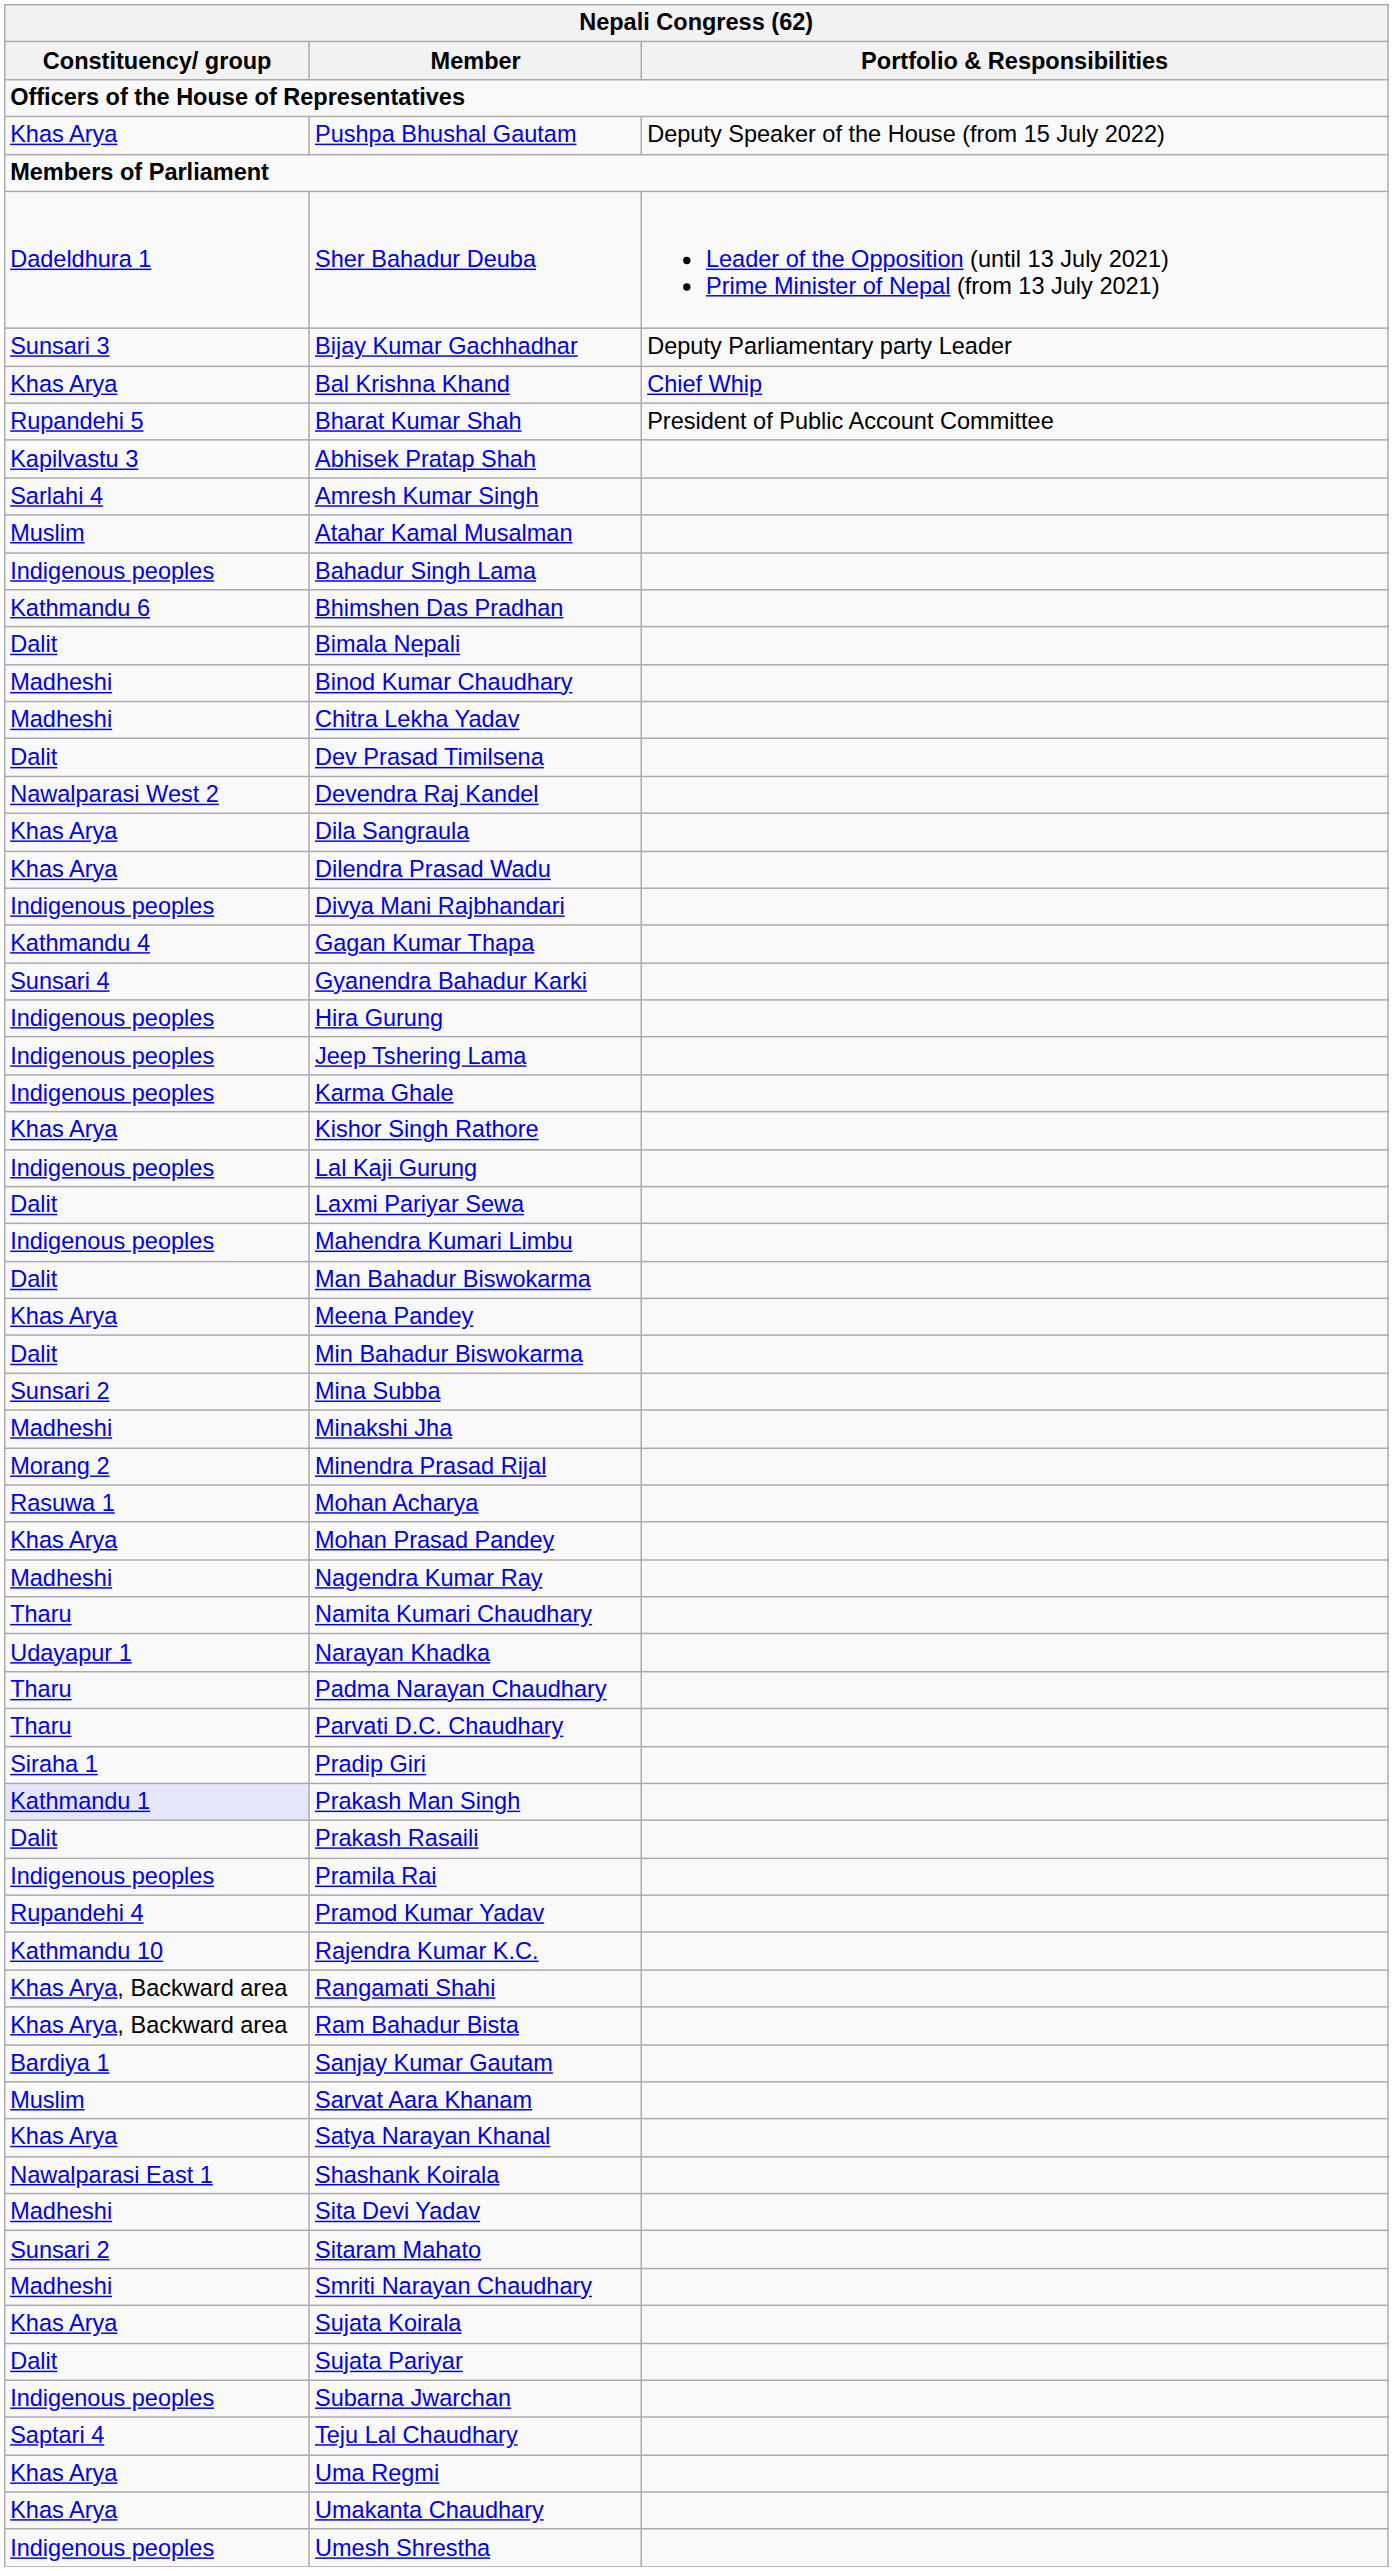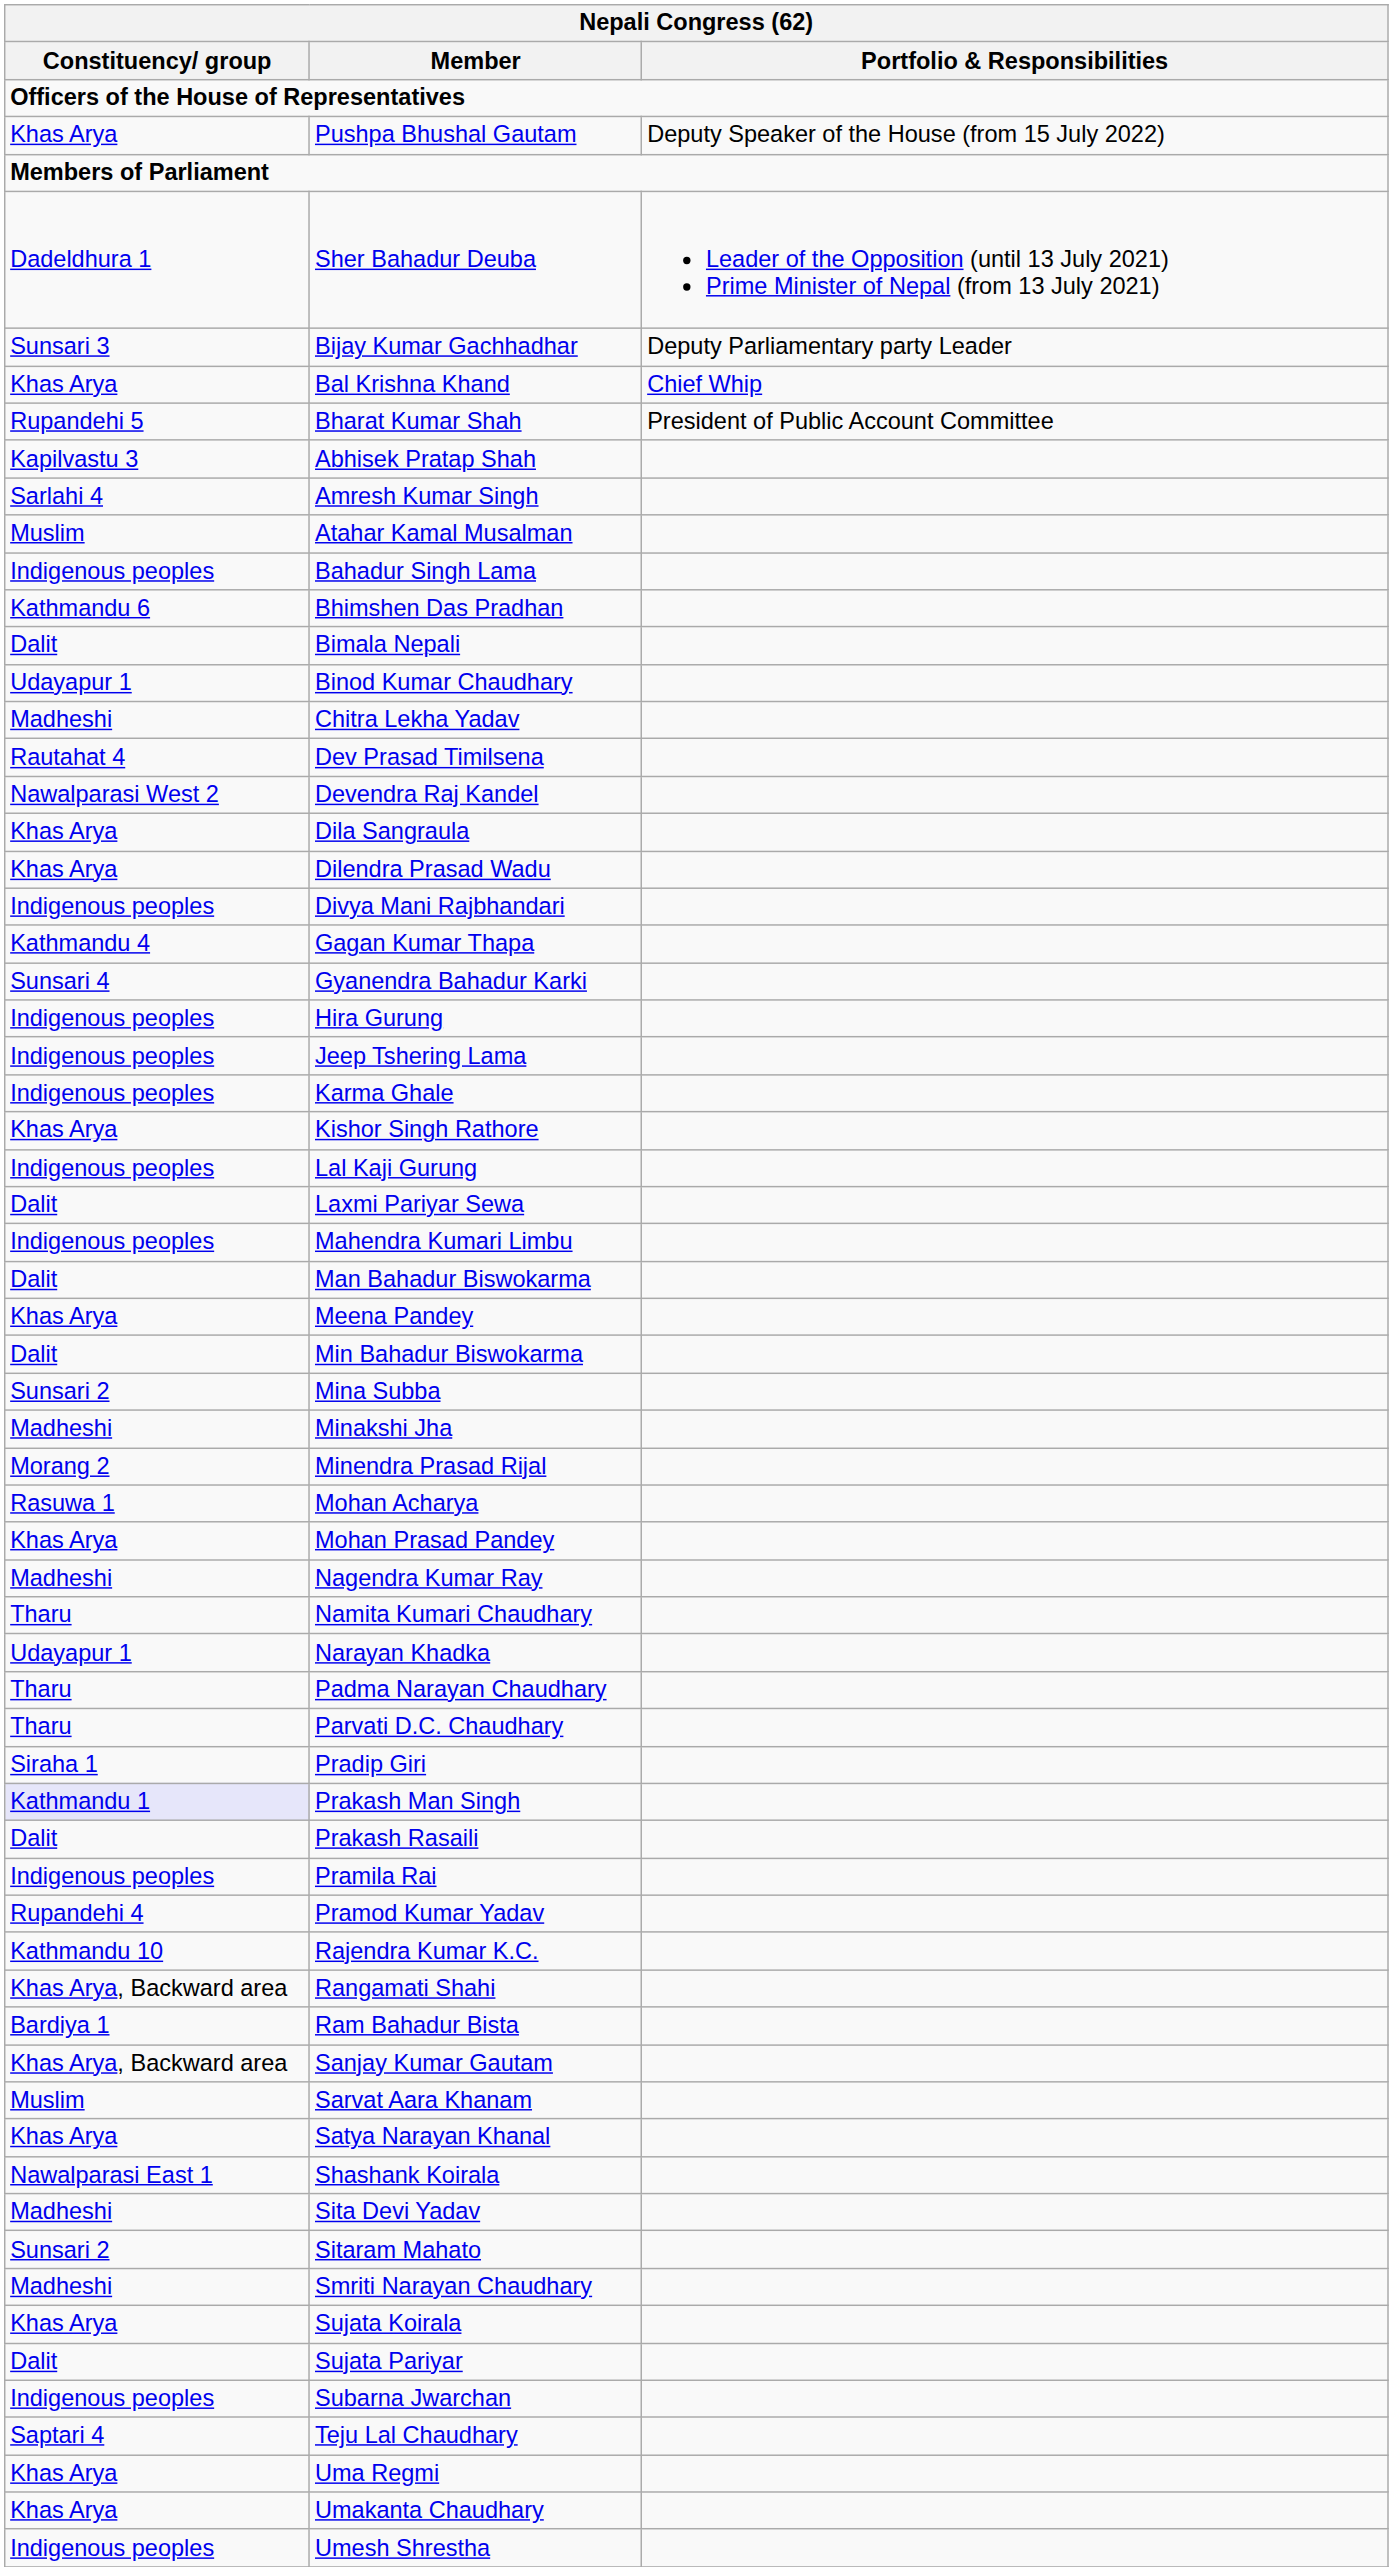 <table class="wikitable sortable mw-collapsible mw-collapsed">
 <tr>
 <th colspan="3" style="width: 700pt; background:">Nepali Congress (62)</th>
 </tr>
 <tr>
 <th style="width:150pt;">Constituency/ group</th>
 <th>Member</th>
 <th style="width:375pt;">Portfolio & Responsibilities</th>
 </tr>
 <tr>
 <td colspan="3"><strong>Officers of the House of Representatives</strong></td>
 </tr>
 <tr>
 <td><a href='#'>Khas Arya</a></td>
 <td><a href='#'>Pushpa Bhushal Gautam</a></td>
 <td>Deputy Speaker of the House (from 15 July 2022)</td>
 </tr>
 <tr>
 <td colspan="3"><strong>Members of Parliament</strong></td>
 </tr>
 <tr>
 <td><a href='#'>Dadeldhura 1</a></td>
 <td><a href='#'>Sher Bahadur Deuba</a></td>
 <td><br><ul><li><a href='#'>Leader of the Opposition</a> (until 13 July 2021)</li><li><a href='#'>Prime Minister of Nepal</a> (from 13 July 2021)</li></ul></td>
 </tr>
 <tr>
 <td><a href='#'>Sunsari 3</a></td>
 <td><a href='#'>Bijay Kumar Gachhadhar</a></td>
 <td>Deputy Parliamentary party Leader</td>
 </tr>
 <tr>
 <td><a href='#'>Khas Arya</a></td>
 <td><a href='#'>Bal Krishna Khand</a></td>
 <td><a href='#'>Chief Whip</a></td>
 </tr>
 <tr>
 <td><a href='#'>Rupandehi 5</a></td>
 <td><a href='#'>Bharat Kumar Shah</a></td>
 <td>President of Public Account Committee</td>
 </tr>
 <tr>
 <td><a href='#'>Kapilvastu 3</a></td>
 <td><a href='#'>Abhisek Pratap Shah</a></td>
 <td></td>
 </tr>
 <tr>
 <td><a href='#'>Sarlahi 4</a></td>
 <td><a href='#'>Amresh Kumar Singh</a></td>
 <td></td>
 </tr>
 <tr>
 <td><a href='#'>Muslim</a></td>
 <td><a href='#'>Atahar Kamal Musalman</a></td>
 <td></td>
 </tr>
 <tr>
 <td><a href='#'>Indigenous peoples</a></td>
 <td><a href='#'>Bahadur Singh Lama</a></td>
 <td></td>
 </tr>
 <tr>
 <td><a href='#'>Kathmandu 6</a></td>
 <td><a href='#'>Bhimshen Das Pradhan</a></td>
 <td></td>
 </tr>
 <tr>
 <td><a href='#'>Dalit</a></td>
 <td><a href='#'>Bimala Nepali</a></td>
 <td></td>
 </tr>
 <tr>
-<td><a href='#'>Madheshi</a></td>
+<td><a href='#'>Udayapur 1</a></td>
 <td><a href='#'>Binod Kumar Chaudhary</a></td>
 <td></td>
 </tr>
 <tr>
 <td><a href='#'>Madheshi</a></td>
 <td><a href='#'>Chitra Lekha Yadav</a></td>
 <td></td>
 </tr>
 <tr>
-<td><a href='#'>Dalit</a></td>
+<td><a href='#'>Rautahat 4</a></td>
 <td><a href='#'>Dev Prasad Timilsena</a></td>
 <td></td>
 </tr>
 <tr>
 <td><a href='#'>Nawalparasi West 2</a></td>
 <td><a href='#'>Devendra Raj Kandel</a></td>
 <td></td>
 </tr>
 <tr>
 <td><a href='#'>Khas Arya</a></td>
 <td><a href='#'>Dila Sangraula</a></td>
 <td></td>
 </tr>
 <tr>
 <td><a href='#'>Khas Arya</a></td>
 <td><a href='#'>Dilendra Prasad Wadu</a></td>
 <td></td>
 </tr>
 <tr>
 <td><a href='#'>Indigenous peoples</a></td>
 <td><a href='#'>Divya Mani Rajbhandari</a></td>
 <td></td>
 </tr>
 <tr>
 <td><a href='#'>Kathmandu 4</a></td>
 <td><a href='#'>Gagan Kumar Thapa</a></td>
 <td></td>
 </tr>
 <tr>
 <td><a href='#'>Sunsari 4</a></td>
 <td><a href='#'>Gyanendra Bahadur Karki</a></td>
 <td></td>
 </tr>
 <tr>
 <td><a href='#'>Indigenous peoples</a></td>
 <td><a href='#'>Hira Gurung</a></td>
 <td></td>
 </tr>
 <tr>
 <td><a href='#'>Indigenous peoples</a></td>
 <td><a href='#'>Jeep Tshering Lama</a></td>
 <td></td>
 </tr>
 <tr>
 <td><a href='#'>Indigenous peoples</a></td>
 <td><a href='#'>Karma Ghale</a></td>
 <td></td>
 </tr>
 <tr>
 <td><a href='#'>Khas Arya</a></td>
 <td><a href='#'>Kishor Singh Rathore</a></td>
 <td></td>
 </tr>
 <tr>
 <td><a href='#'>Indigenous peoples</a></td>
 <td><a href='#'>Lal Kaji Gurung</a></td>
 <td></td>
 </tr>
 <tr>
 <td><a href='#'>Dalit</a></td>
 <td><a href='#'>Laxmi Pariyar Sewa</a></td>
 <td></td>
 </tr>
 <tr>
 <td><a href='#'>Indigenous peoples</a></td>
 <td><a href='#'>Mahendra Kumari Limbu</a></td>
 <td></td>
 </tr>
 <tr>
 <td><a href='#'>Dalit</a></td>
 <td><a href='#'>Man Bahadur Biswokarma</a></td>
 <td></td>
 </tr>
 <tr>
 <td><a href='#'>Khas Arya</a></td>
 <td><a href='#'>Meena Pandey</a></td>
 <td></td>
 </tr>
 <tr>
 <td><a href='#'>Dalit</a></td>
 <td><a href='#'>Min Bahadur Biswokarma</a></td>
 <td></td>
 </tr>
 <tr>
 <td><a href='#'>Sunsari 2</a></td>
 <td><a href='#'>Mina Subba</a></td>
 <td></td>
 </tr>
 <tr>
 <td><a href='#'>Madheshi</a></td>
 <td><a href='#'>Minakshi Jha</a></td>
 <td></td>
 </tr>
 <tr>
 <td><a href='#'>Morang 2</a></td>
 <td><a href='#'>Minendra Prasad Rijal</a></td>
 <td></td>
 </tr>
 <tr>
 <td><a href='#'>Rasuwa 1</a></td>
 <td><a href='#'>Mohan Acharya</a></td>
 <td></td>
 </tr>
 <tr>
 <td><a href='#'>Khas Arya</a></td>
 <td><a href='#'>Mohan Prasad Pandey</a></td>
 <td></td>
 </tr>
 <tr>
 <td><a href='#'>Madheshi</a></td>
 <td><a href='#'>Nagendra Kumar Ray</a></td>
 <td></td>
 </tr>
 <tr>
 <td><a href='#'>Tharu</a></td>
 <td><a href='#'>Namita Kumari Chaudhary</a></td>
 <td></td>
 </tr>
 <tr>
 <td><a href='#'>Udayapur 1</a></td>
 <td><a href='#'>Narayan Khadka</a></td>
 <td></td>
 </tr>
 <tr>
 <td><a href='#'>Tharu</a></td>
 <td><a href='#'>Padma Narayan Chaudhary</a></td>
 <td></td>
 </tr>
 <tr>
 <td><a href='#'>Tharu</a></td>
 <td><a href='#'>Parvati D.C. Chaudhary</a></td>
 <td></td>
 </tr>
 <tr>
 <td><a href='#'>Siraha 1</a></td>
 <td><a href='#'>Pradip Giri</a></td>
 <td></td>
 </tr>
 <tr>
 <td style="background: lavender;"><a href='#'>Kathmandu 1</a></td>
 <td><a href='#'>Prakash Man Singh</a></td>
 <td></td>
 </tr>
 <tr>
 <td><a href='#'>Dalit</a></td>
 <td><a href='#'>Prakash Rasaili</a></td>
 <td></td>
 </tr>
 <tr>
 <td><a href='#'>Indigenous peoples</a></td>
 <td><a href='#'>Pramila Rai</a></td>
 <td></td>
 </tr>
 <tr>
 <td><a href='#'>Rupandehi 4</a></td>
 <td><a href='#'>Pramod Kumar Yadav</a></td>
 <td></td>
 </tr>
 <tr>
 <td><a href='#'>Kathmandu 10</a></td>
 <td><a href='#'>Rajendra Kumar K.C.</a></td>
 <td></td>
 </tr>
 <tr>
 <td><a href='#'>Khas Arya</a>, Backward area</td>
 <td><a href='#'>Rangamati Shahi</a></td>
 <td></td>
 </tr>
 <tr>
-<td><a href='#'>Khas Arya</a>, Backward area</td>
+<td><a href='#'>Bardiya 1</a></td>
 <td><a href='#'>Ram Bahadur Bista</a></td>
 <td></td>
 </tr>
 <tr>
-<td><a href='#'>Bardiya 1</a></td>
+<td><a href='#'>Khas Arya</a>, Backward area</td>
 <td><a href='#'>Sanjay Kumar Gautam</a></td>
 <td></td>
 </tr>
 <tr>
 <td><a href='#'>Muslim</a></td>
 <td><a href='#'>Sarvat Aara Khanam</a></td>
 <td></td>
 </tr>
 <tr>
 <td><a href='#'>Khas Arya</a></td>
 <td><a href='#'>Satya Narayan Khanal</a></td>
 <td></td>
 </tr>
 <tr>
 <td><a href='#'>Nawalparasi East 1</a></td>
 <td><a href='#'>Shashank Koirala</a></td>
 <td></td>
 </tr>
 <tr>
 <td><a href='#'>Madheshi</a></td>
 <td><a href='#'>Sita Devi Yadav</a></td>
 <td></td>
 </tr>
 <tr>
 <td><a href='#'>Sunsari 2</a></td>
 <td><a href='#'>Sitaram Mahato</a></td>
 <td></td>
 </tr>
 <tr>
 <td><a href='#'>Madheshi</a></td>
 <td><a href='#'>Smriti Narayan Chaudhary</a></td>
 <td></td>
 </tr>
 <tr>
 <td><a href='#'>Khas Arya</a></td>
 <td><a href='#'>Sujata Koirala</a></td>
 <td></td>
 </tr>
 <tr>
 <td><a href='#'>Dalit</a></td>
 <td><a href='#'>Sujata Pariyar</a></td>
 <td></td>
 </tr>
 <tr>
 <td><a href='#'>Indigenous peoples</a></td>
 <td><a href='#'>Subarna Jwarchan</a></td>
 <td></td>
 </tr>
 <tr>
 <td><a href='#'>Saptari 4</a></td>
 <td><a href='#'>Teju Lal Chaudhary</a></td>
 <td></td>
 </tr>
 <tr>
 <td><a href='#'>Khas Arya</a></td>
 <td><a href='#'>Uma Regmi</a></td>
 <td></td>
 </tr>
 <tr>
 <td><a href='#'>Khas Arya</a></td>
 <td><a href='#'>Umakanta Chaudhary</a></td>
 <td></td>
 </tr>
 <tr>
 <td><a href='#'>Indigenous peoples</a></td>
 <td><a href='#'>Umesh Shrestha</a></td>
 <td></td>
 </tr>
 </table>
